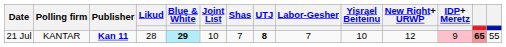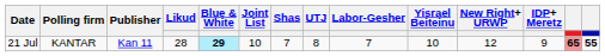 <table class="wikitable sortable" style="text-align:center;font-size:90%;line-height:13px">
 <tr>
 <th rowspan="2">Date</th>
 <th rowspan="2">Polling firm</th>
 <th rowspan="2">Publisher</th>
 <th><a href='#'>Likud</a></th>
 <th><a href='#'>Blue &<br>White</a></th>
 <th><a href='#'>Joint<br>List</a></th>
 <th><a href='#'>Shas</a></th>
 <th><a href='#'>UTJ</a></th>
 <th><a href='#'>Labor-Gesher</a></th>
 <th><a href='#'>Yisrael<br>Beiteinu</a></th>
 <th><a href='#'>New Right</a>+<br><a href='#'>URWP</a></th>
 <th><a href='#'>IDP</a>+<br><a href='#'>Meretz</a></th>
 <th></th>
 <th></th>
 </tr>
 <tr>
 <th style="background:"></th>
 <th style="background:"></th>
 <th style="background:"></th>
 <th style="background:"></th>
 <th style="background:"></th>
 <th style="background:"></th>
 <th style="background:"></th>
 <th style="background:"></th>
 <th style="background:"></th>
 <th style="background:#E81B23;"></th>
 <th style="background:#000EA3;"></th>
 </tr>
 <tr>
 <td data-sort-value="2019-07-21">21 Jul</td>
 <td>KANTAR</td>
-<td><strong><a href='#'>Kan 11</a></strong></td>
+<td><a href='#'>Kan 11</a></td>
 <td>28					</td>
 <td style="background:#B2EDFB"><strong>29</strong>	</td>
 <td>10					</td>
 <td>7					</td>
-<td><strong>8					</strong></td>
+<td>8					</td>
 <td>7					</td>
 <td>10					</td>
 <td>12					</td>
-<td style="background: pink;">9					</td>
+<td>9					</td>
 <td style="background:#F4959A"><strong>65</strong>	</td>
-<td>55					</td>
+<td><strong>55					</strong></td>
 </tr>
 </table>
